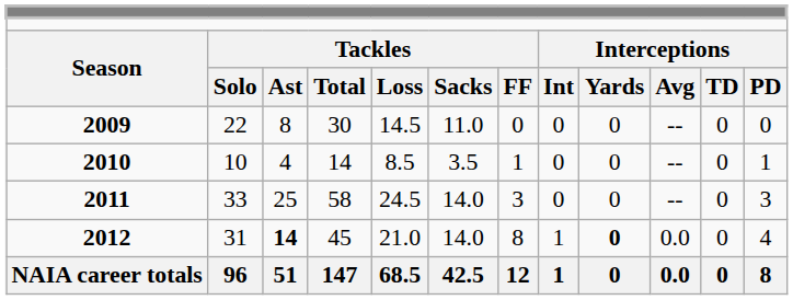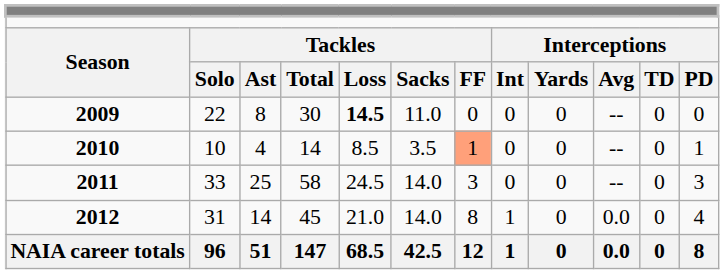 <table class=wikitable style="text-align:center;">
 <tr>
 <td ! colspan=15 style="background:gray; border:2px solid silver; color:white;"></td>
 </tr>
 <tr>
 <td ! colspan=15></td>
 </tr>
 <tr>
 <th rowspan=2>Season</th>
 <th colspan=6>Tackles</th>
 <th colspan=5>Interceptions</th>
 </tr>
 <tr>
 <th>Solo</th>
 <th>Ast</th>
 <th>Total</th>
 <th>Loss</th>
 <th>Sacks</th>
 <th>FF</th>
 <th>Int</th>
 <th>Yards</th>
 <th>Avg</th>
 <th>TD</th>
 <th>PD</th>
 </tr>
 <tr>
 <td><strong>2009</strong></td>
 <td>22</td>
 <td>8</td>
 <td>30</td>
-<td>14.5</td>
+<td><strong>14.5</strong></td>
 <td>11.0</td>
 <td>0</td>
 <td>0</td>
 <td>0</td>
 <td>--</td>
 <td>0</td>
 <td>0</td>
 </tr>
 <tr>
 <td><strong>2010</strong></td>
 <td>10</td>
 <td>4</td>
 <td>14</td>
 <td>8.5</td>
 <td>3.5</td>
-<td>1</td>
+<td style="background: lightsalmon;">1</td>
 <td>0</td>
 <td>0</td>
 <td>--</td>
 <td>0</td>
 <td>1</td>
 </tr>
 <tr>
 <td><strong>2011</strong></td>
 <td>33</td>
 <td>25</td>
 <td>58</td>
 <td>24.5</td>
 <td>14.0</td>
 <td>3</td>
 <td>0</td>
 <td>0</td>
 <td>--</td>
 <td>0</td>
 <td>3</td>
 </tr>
 <tr>
 <td><strong>2012</strong></td>
 <td>31</td>
-<td><strong>14</strong></td>
+<td>14</td>
 <td>45</td>
 <td>21.0</td>
 <td>14.0</td>
 <td>8</td>
 <td>1</td>
-<td><strong>0</strong></td>
+<td>0</td>
 <td>0.0</td>
 <td>0</td>
 <td>4</td>
 </tr>
 <tr>
 <th>NAIA career totals</th>
 <th>96</th>
 <th>51</th>
 <th>147</th>
 <th>68.5</th>
 <th>42.5</th>
 <th>12</th>
 <th>1</th>
 <th>0</th>
 <th>0.0</th>
 <th>0</th>
 <th>8</th>
 </tr>
 </table>
